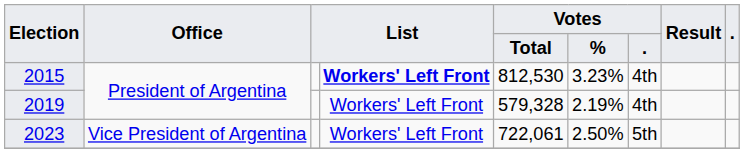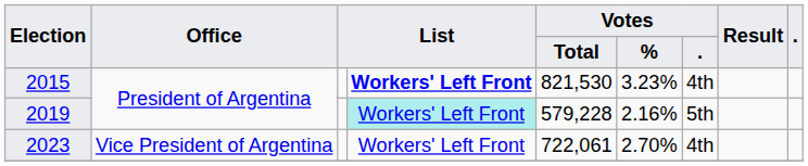 <table class="wikitable" style="font-size:90%; text-align:center;">
 <tr>
 <th style="background-color:#EAECF0;" rowspan=2>Election</th>
 <th style="background-color:#EAECF0;" rowspan=2>Office</th>
 <th style="background-color:#EAECF0;" colspan=2 rowspan=2>List</th>
 <th style="background-color:#EAECF0;" colspan=3>Votes</th>
 <th style="background-color:#EAECF0;" rowspan=2>Result</th>
 <th style="background-color:#EAECF0;" rowspan=2>.</th>
 </tr>
 <tr>
 <th style="background-color:#EAECF0;">Total</th>
 <th style="background-color:#EAECF0;">%</th>
 <th style="background-color:#EAECF0;">.</th>
 </tr>
 <tr>
 <td style="background-color:#EAECF0;"><a href='#'>2015</a></td>
 <td rowspan="2"><a href='#'>President of Argentina</a></td>
 <td style="background-color:"></td>
 <td><strong><a href='#'>Workers' Left Front</a></strong></td>
-<td>812,530</td>
+<td>821,530</td>
 <td>3.23%</td>
 <td>4th</td>
 <td></td>
 <td></td>
 </tr>
 <tr>
 <td style="background-color:#EAECF0;"><a href='#'>2019</a></td>
 <td style="background-color:"></td>
-<td><a href='#'>Workers' Left Front</a></td>
-<td>579,328</td>
-<td>2.19%</td>
-<td>4th</td>
+<td style="background: paleturquoise;"><a href='#'>Workers' Left Front</a></td>
+<td>579,228</td>
+<td>2.16%</td>
+<td>5th</td>
 <td></td>
 <td></td>
 </tr>
 <tr>
 <td style="background-color:#EAECF0;"><a href='#'>2023</a></td>
 <td><a href='#'>Vice President of Argentina</a></td>
 <td style="background-color:"></td>
 <td><a href='#'>Workers' Left Front</a></td>
 <td>722,061</td>
-<td>2.50%</td>
-<td>5th</td>
+<td>2.70%</td>
+<td>4th</td>
 <td></td>
 <td></td>
 </tr>
 <tr>
 </tr>
 </table>
